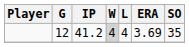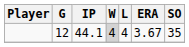 <table class="wikitable sortable">
 <tr>
 <th>Player</th>
 <th>G</th>
 <th>IP</th>
 <th>W</th>
 <th>L</th>
 <th>ERA</th>
 <th>SO</th>
 </tr>
 <tr align="center">
 <td></td>
 <td>12</td>
-<td>41.2</td>
+<td>44.1</td>
 <td style="background: lightgrey;">4</td>
 <td>4</td>
-<td>3.69</td>
+<td>3.67</td>
 <td>35</td>
 </tr>
 <tr align="center">
 </tr>
 </table>
